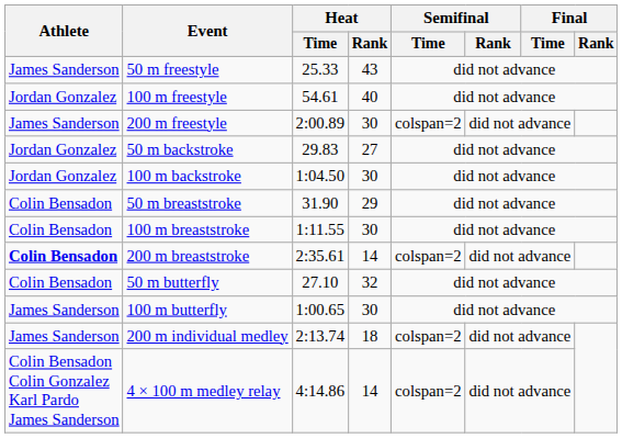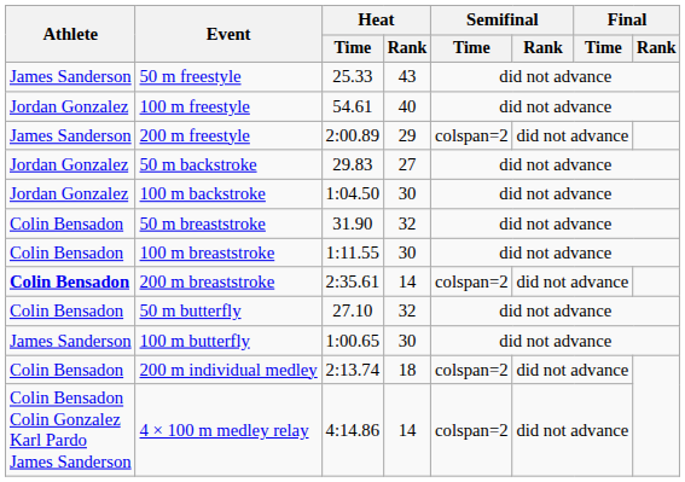 <table class=wikitable style=font-size:90%>
 <tr>
 <th rowspan=2>Athlete</th>
 <th rowspan=2>Event</th>
 <th colspan=2>Heat</th>
 <th colspan=2>Semifinal</th>
 <th colspan=2>Final</th>
 </tr>
 <tr style=font-size:95%>
 <th>Time</th>
 <th>Rank</th>
 <th>Time</th>
 <th>Rank</th>
 <th>Time</th>
 <th>Rank</th>
 </tr>
 <tr align=center>
 <td align=left><a href='#'>James Sanderson</a></td>
 <td align=left><a href='#'>50 m freestyle</a></td>
 <td>25.33</td>
 <td>43</td>
 <td colspan=4>did not advance</td>
 </tr>
 <tr align=center>
 <td align=left><a href='#'>Jordan Gonzalez</a></td>
 <td align=left><a href='#'>100 m freestyle</a></td>
 <td>54.61</td>
 <td>40</td>
 <td colspan=4>did not advance</td>
 </tr>
 <tr align=center>
 <td align=left><a href='#'>James Sanderson</a></td>
 <td align=left><a href='#'>200 m freestyle</a></td>
 <td>2:00.89</td>
-<td>30</td>
+<td>29</td>
 <td>colspan=2 </td>
 <td colspan=2>did not advance</td>
 </tr>
 <tr align=center>
 <td align=left><a href='#'>Jordan Gonzalez</a></td>
 <td align=left><a href='#'>50 m backstroke</a></td>
 <td>29.83</td>
 <td>27</td>
 <td colspan=4>did not advance</td>
 </tr>
 <tr align=center>
 <td align=left><a href='#'>Jordan Gonzalez</a></td>
 <td align=left><a href='#'>100 m backstroke</a></td>
 <td>1:04.50</td>
 <td>30</td>
 <td colspan=4>did not advance</td>
 </tr>
 <tr align=center>
 <td align=left><a href='#'>Colin Bensadon</a></td>
 <td align=left><a href='#'>50 m breaststroke</a></td>
 <td>31.90</td>
-<td>29</td>
+<td>32</td>
 <td colspan=4>did not advance</td>
 </tr>
 <tr align=center>
 <td align=left><a href='#'>Colin Bensadon</a></td>
 <td align=left><a href='#'>100 m breaststroke</a></td>
 <td>1:11.55</td>
 <td>30</td>
 <td colspan=4>did not advance</td>
 </tr>
 <tr align=center>
 <td align=left><strong><a href='#'>Colin Bensadon</a></strong></td>
 <td align=left><a href='#'>200 m breaststroke</a></td>
 <td>2:35.61</td>
 <td>14</td>
 <td>colspan=2 </td>
 <td colspan=2>did not advance</td>
 </tr>
 <tr align=center>
 <td align=left><a href='#'>Colin Bensadon</a></td>
 <td align=left><a href='#'>50 m butterfly</a></td>
 <td>27.10</td>
 <td>32</td>
 <td colspan=4>did not advance</td>
 </tr>
 <tr align=center>
 <td align=left><a href='#'>James Sanderson</a></td>
 <td align=left><a href='#'>100 m butterfly</a></td>
 <td>1:00.65</td>
 <td>30</td>
 <td colspan=4>did not advance</td>
 </tr>
 <tr align=center>
-<td align=left><a href='#'>James Sanderson</a></td>
+<td align=left><a href='#'>Colin Bensadon</a></td>
 <td align=left><a href='#'>200 m individual medley</a></td>
 <td>2:13.74</td>
 <td>18</td>
 <td>colspan=2 </td>
 <td colspan=2>did not advance</td>
 </tr>
 <tr align=center>
 <td align=left><a href='#'>Colin Bensadon</a><br><a href='#'>Colin Gonzalez</a><br><a href='#'>Karl Pardo</a><br><a href='#'>James Sanderson</a></td>
 <td align=left><a href='#'>4 × 100 m medley relay</a></td>
 <td>4:14.86</td>
 <td>14</td>
 <td>colspan=2 </td>
 <td colspan=2>did not advance</td>
 </tr>
 </table>
